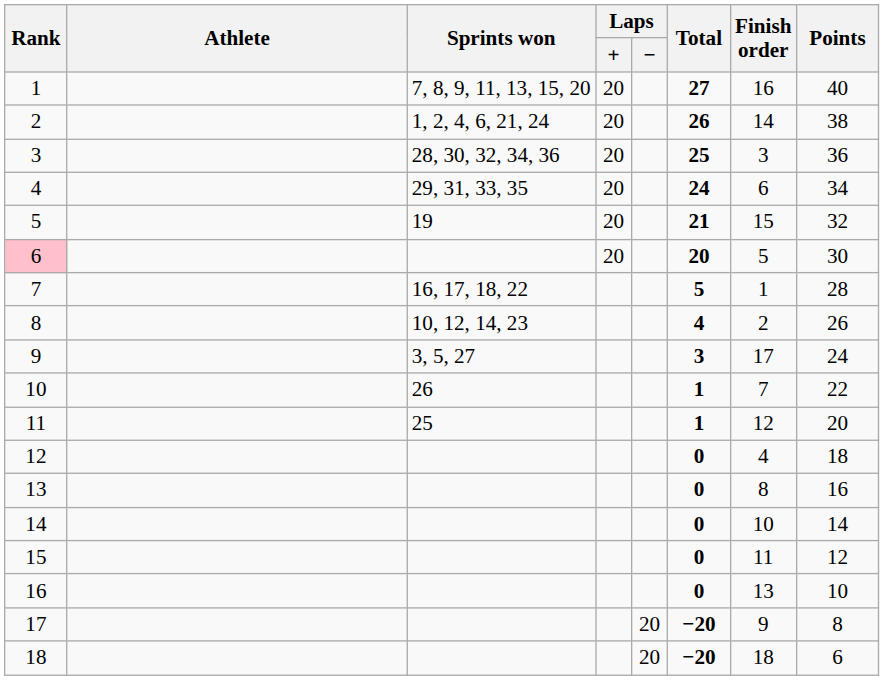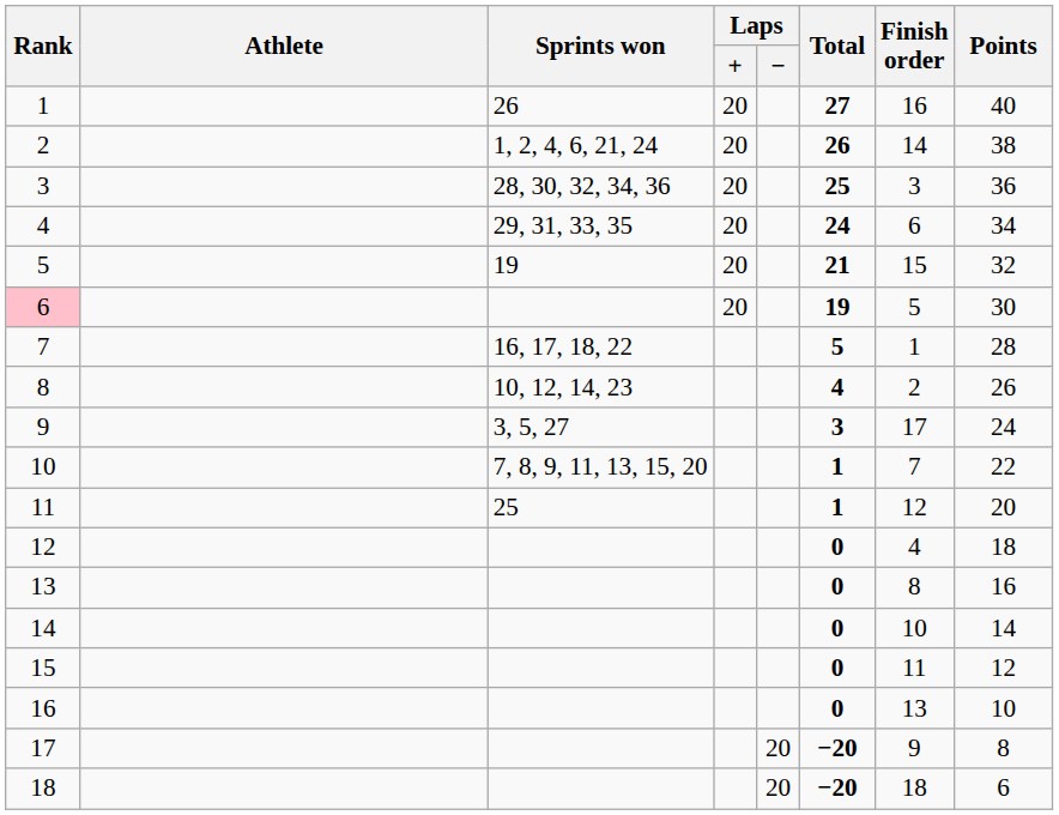 <table class=wikitable style="text-align:center">
 <tr>
 <th rowspan=2 width=40>Rank</th>
 <th rowspan=2 width=250>Athlete</th>
 <th rowspan=2>Sprints won</th>
 <th colspan=2>Laps</th>
 <th rowspan=2 width=40>Total</th>
 <th rowspan=2 width=40>Finish order</th>
 <th rowspan=2 width=55>Points</th>
 </tr>
 <tr>
 <th width=20>+</th>
 <th width=20>−</th>
 </tr>
 <tr>
 <td>1</td>
 <td align=left></td>
-<td align=left>7, 8, 9, 11, 13, 15, 20</td>
+<td align=left>26</td>
 <td>20</td>
 <td></td>
 <td><strong>27</strong></td>
 <td>16</td>
 <td>40</td>
 </tr>
 <tr>
 <td>2</td>
 <td align=left></td>
 <td align=left>1, 2, 4, 6, 21, 24</td>
 <td>20</td>
 <td></td>
 <td><strong>26</strong></td>
 <td>14</td>
 <td>38</td>
 </tr>
 <tr>
 <td>3</td>
 <td align=left></td>
 <td align=left>28, 30, 32, 34, 36</td>
 <td>20</td>
 <td></td>
 <td><strong>25</strong></td>
 <td>3</td>
 <td>36</td>
 </tr>
 <tr>
 <td>4</td>
 <td align=left></td>
 <td align=left>29, 31, 33, 35</td>
 <td>20</td>
 <td></td>
 <td><strong>24</strong></td>
 <td>6</td>
 <td>34</td>
 </tr>
 <tr>
 <td>5</td>
 <td align=left></td>
 <td align=left>19</td>
 <td>20</td>
 <td></td>
 <td><strong>21</strong></td>
 <td>15</td>
 <td>32</td>
 </tr>
 <tr>
 <td style="background: pink;">6</td>
 <td align=left></td>
 <td align=left></td>
 <td>20</td>
 <td></td>
-<td><strong>20</strong></td>
+<td><strong>19</strong></td>
 <td>5</td>
 <td>30</td>
 </tr>
 <tr>
 <td>7</td>
 <td align=left></td>
 <td align=left>16, 17, 18, 22</td>
 <td></td>
 <td></td>
 <td><strong>5</strong></td>
 <td>1</td>
 <td>28</td>
 </tr>
 <tr>
 <td>8</td>
 <td align=left></td>
 <td align=left>10, 12, 14, 23</td>
 <td></td>
 <td></td>
 <td><strong>4</strong></td>
 <td>2</td>
 <td>26</td>
 </tr>
 <tr>
 <td>9</td>
 <td align=left></td>
 <td align=left>3, 5, 27</td>
 <td></td>
 <td></td>
 <td><strong>3</strong></td>
 <td>17</td>
 <td>24</td>
 </tr>
 <tr>
 <td>10</td>
 <td align=left></td>
-<td align=left>26</td>
+<td align=left>7, 8, 9, 11, 13, 15, 20</td>
 <td></td>
 <td></td>
 <td><strong>1</strong></td>
 <td>7</td>
 <td>22</td>
 </tr>
 <tr>
 <td>11</td>
 <td align=left></td>
 <td align=left>25</td>
 <td></td>
 <td></td>
 <td><strong>1</strong></td>
 <td>12</td>
 <td>20</td>
 </tr>
 <tr>
 <td>12</td>
 <td align=left></td>
 <td align=left></td>
 <td></td>
 <td></td>
 <td><strong>0</strong></td>
 <td>4</td>
 <td>18</td>
 </tr>
 <tr>
 <td>13</td>
 <td align=left></td>
 <td align=left></td>
 <td></td>
 <td></td>
 <td><strong>0</strong></td>
 <td>8</td>
 <td>16</td>
 </tr>
 <tr>
 <td>14</td>
 <td align=left></td>
 <td align=left></td>
 <td></td>
 <td></td>
 <td><strong>0</strong></td>
 <td>10</td>
 <td>14</td>
 </tr>
 <tr>
 <td>15</td>
 <td align=left></td>
 <td align=left></td>
 <td></td>
 <td></td>
 <td><strong>0</strong></td>
 <td>11</td>
 <td>12</td>
 </tr>
 <tr>
 <td>16</td>
 <td align=left></td>
 <td align=left></td>
 <td></td>
 <td></td>
 <td><strong>0</strong></td>
 <td>13</td>
 <td>10</td>
 </tr>
 <tr>
 <td>17</td>
 <td align=left></td>
 <td align=left></td>
 <td></td>
 <td>20</td>
 <td><strong>−20</strong></td>
 <td>9</td>
 <td>8</td>
 </tr>
 <tr>
 <td>18</td>
 <td align=left></td>
 <td align=left></td>
 <td></td>
 <td>20</td>
 <td><strong>−20</strong></td>
 <td>18</td>
 <td>6</td>
 </tr>
 </table>
